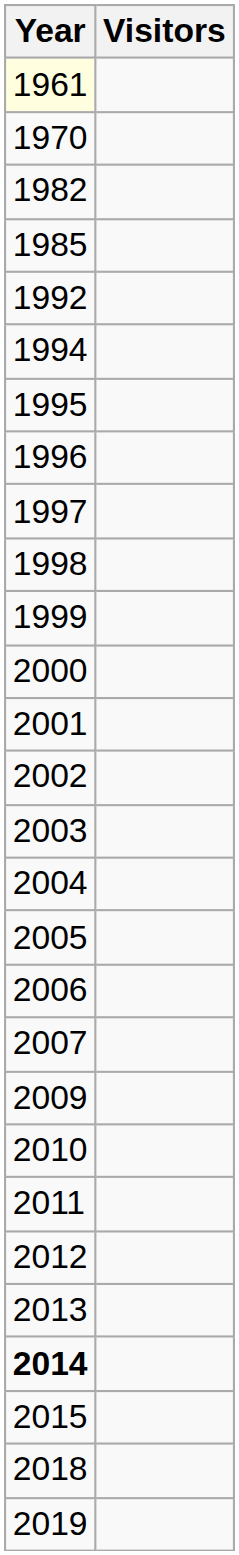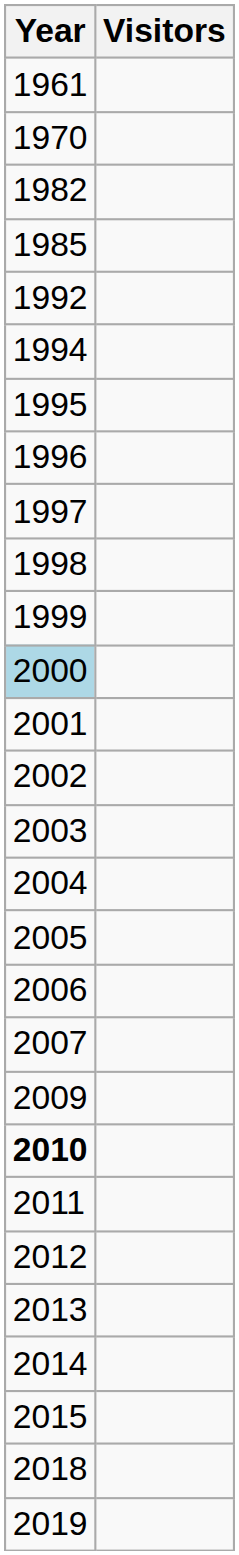 <table class="wikitable">
 <tr>
 <th>Year</th>
 <th colspan="2">Visitors</th>
 </tr>
 <tr>
-<td style="background: lightyellow;">1961</td>
+<td>1961</td>
 <td></td>
 </tr>
 <tr>
 <td>1970</td>
 <td></td>
 </tr>
 <tr>
 <td>1982</td>
 <td></td>
 </tr>
 <tr>
 <td>1985</td>
 <td></td>
 </tr>
 <tr>
 <td>1992</td>
 <td></td>
 </tr>
 <tr>
 <td>1994</td>
 <td></td>
 </tr>
 <tr>
 <td>1995</td>
 <td></td>
 </tr>
 <tr>
 <td>1996</td>
 <td></td>
 </tr>
 <tr>
 <td>1997</td>
 <td></td>
 </tr>
 <tr>
 <td>1998</td>
 <td></td>
 </tr>
 <tr>
 <td>1999</td>
 <td></td>
 </tr>
 <tr>
-<td>2000</td>
+<td style="background: lightblue;">2000</td>
 <td></td>
 </tr>
 <tr>
 <td>2001</td>
 <td></td>
 </tr>
 <tr>
 <td>2002</td>
 <td></td>
 </tr>
 <tr>
 <td>2003</td>
 <td></td>
 </tr>
 <tr>
 <td>2004</td>
 <td></td>
 </tr>
 <tr>
 <td>2005</td>
 <td></td>
 </tr>
 <tr>
 <td>2006</td>
 <td></td>
 </tr>
 <tr>
 <td>2007</td>
 <td></td>
 </tr>
 <tr>
 <td>2009</td>
 <td></td>
 </tr>
 <tr>
-<td>2010</td>
+<td><strong>2010</strong></td>
 <td></td>
 </tr>
 <tr>
 <td>2011</td>
 <td></td>
 </tr>
 <tr>
 <td>2012</td>
 <td></td>
 </tr>
 <tr>
 <td>2013</td>
 <td></td>
 </tr>
 <tr>
-<td><strong>2014</strong></td>
+<td>2014</td>
 <td></td>
 </tr>
 <tr>
 <td>2015</td>
 <td></td>
 </tr>
 <tr>
 <td>2018</td>
 <td></td>
 </tr>
 <tr>
 <td>2019</td>
 <td></td>
 </tr>
 </table>
